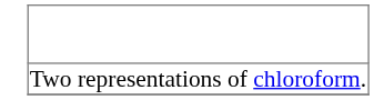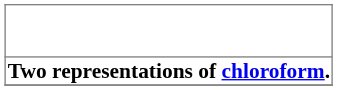 <table class="toccolours" border="1" style="float: right; clear: right; margin: 0 0 1em 1em; border-collapse: collapse;">
 <tr>
 <td align="center"><br><br></td>
 </tr>
 <tr>
-<td>Two representations of <a href='#'>chloroform</a>.</td>
+<td><strong>Two representations of <a href='#'>chloroform</a>.</strong></td>
 </tr>
 <tr>
 </tr>
 </table>
